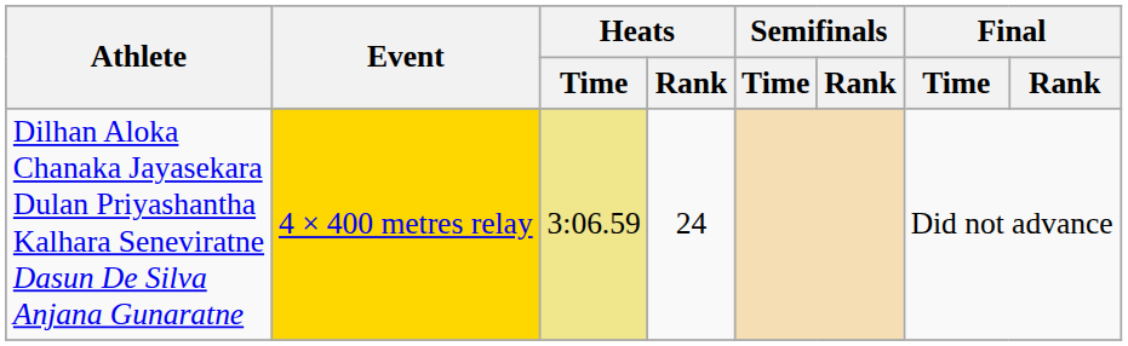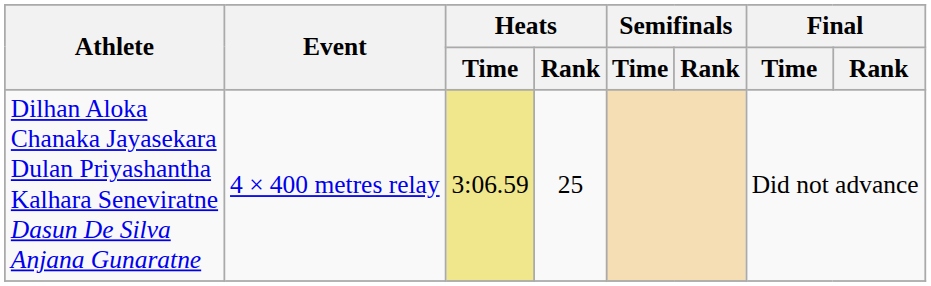 <table class=wikitable style="font-size:90%;">
 <tr>
 <th rowspan="2">Athlete</th>
 <th rowspan="2">Event</th>
 <th colspan="2">Heats</th>
 <th colspan="2">Semifinals</th>
 <th colspan="2">Final</th>
 </tr>
 <tr>
 <th>Time</th>
 <th>Rank</th>
 <th>Time</th>
 <th>Rank</th>
 <th>Time</th>
 <th>Rank</th>
 </tr>
 <tr style="border-top: single;">
 <td><a href='#'>Dilhan Aloka</a><br><a href='#'>Chanaka Jayasekara</a><br><a href='#'>Dulan Priyashantha</a><br><a href='#'>Kalhara Seneviratne</a><br><em><a href='#'>Dasun De Silva</a><br><a href='#'>Anjana Gunaratne</a></em></td>
-<td style="background: gold;"><a href='#'>4 × 400 metres relay</a></td>
+<td><a href='#'>4 × 400 metres relay</a></td>
 <td align=center style="background: khaki;">3:06.59</td>
-<td align=center>24</td>
+<td align=center>25</td>
 <td colspan= 2 bgcolor="wheat"></td>
 <td align=center colspan = 2>Did not advance</td>
 </tr>
 </table>
